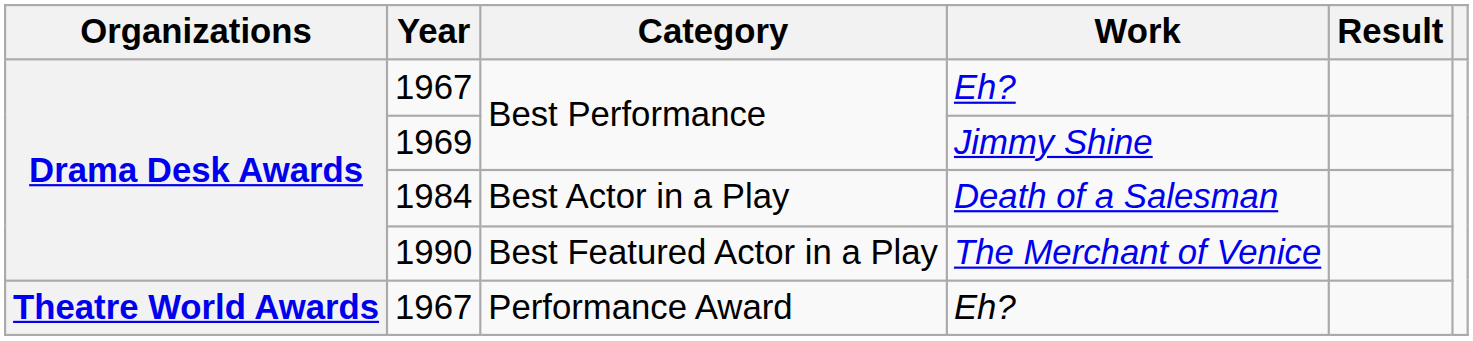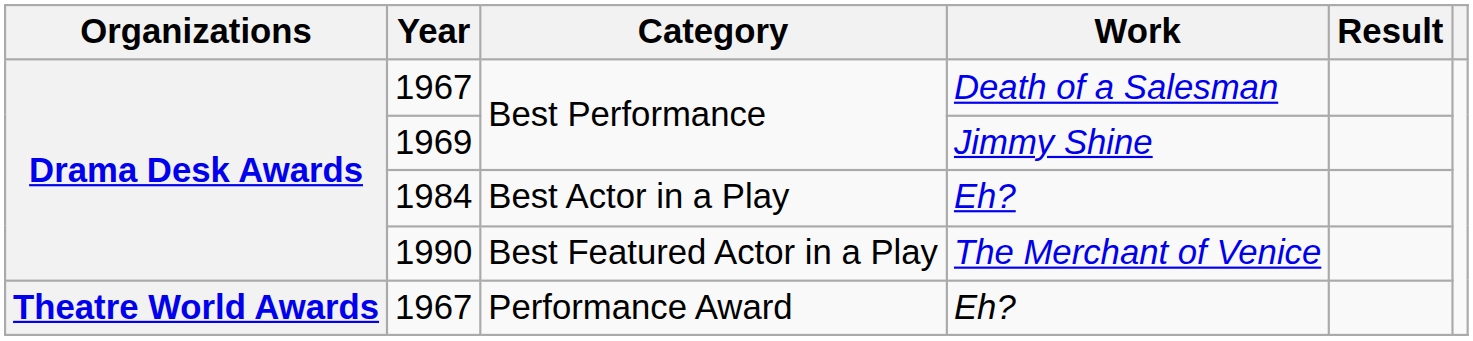 <table class= "wikitable plainrowheaders sortable">
 <tr>
 <th>Organizations</th>
 <th scope="col">Year</th>
 <th scope="col">Category</th>
 <th scope="col">Work</th>
 <th scope="col">Result</th>
 <th scope="col" class="unsortable"></th>
 </tr>
 <tr>
 <th rowspan="4" scope="row"><a href='#'>Drama Desk Awards</a></th>
 <td style="text-align:center;">1967</td>
 <td rowspan=2>Best Performance</td>
-<td><em><a href='#'>Eh?</a></em></td>
+<td><em><a href='#'>Death of a Salesman</a></em></td>
 <td></td>
 <td rowspan=5></td>
 </tr>
 <tr>
 <td style="text-align:center;">1969</td>
 <td><em><a href='#'>Jimmy Shine</a></em></td>
 <td></td>
 </tr>
 <tr>
 <td style="text-align:center;">1984</td>
 <td>Best Actor in a Play</td>
-<td><em><a href='#'>Death of a Salesman</a></em></td>
+<td><em><a href='#'>Eh?</a></em></td>
 <td></td>
 </tr>
 <tr>
 <td style="text-align:center;">1990</td>
 <td>Best Featured Actor in a Play</td>
 <td><em><a href='#'>The Merchant of Venice</a></em></td>
 <td></td>
 </tr>
 <tr>
 <th rowspan="4" scope="row"><a href='#'>Theatre World Awards</a></th>
 <td style="text-align:center;">1967</td>
 <td>Performance Award</td>
 <td><em>Eh?</em></td>
 <td></td>
 </tr>
 </table>
